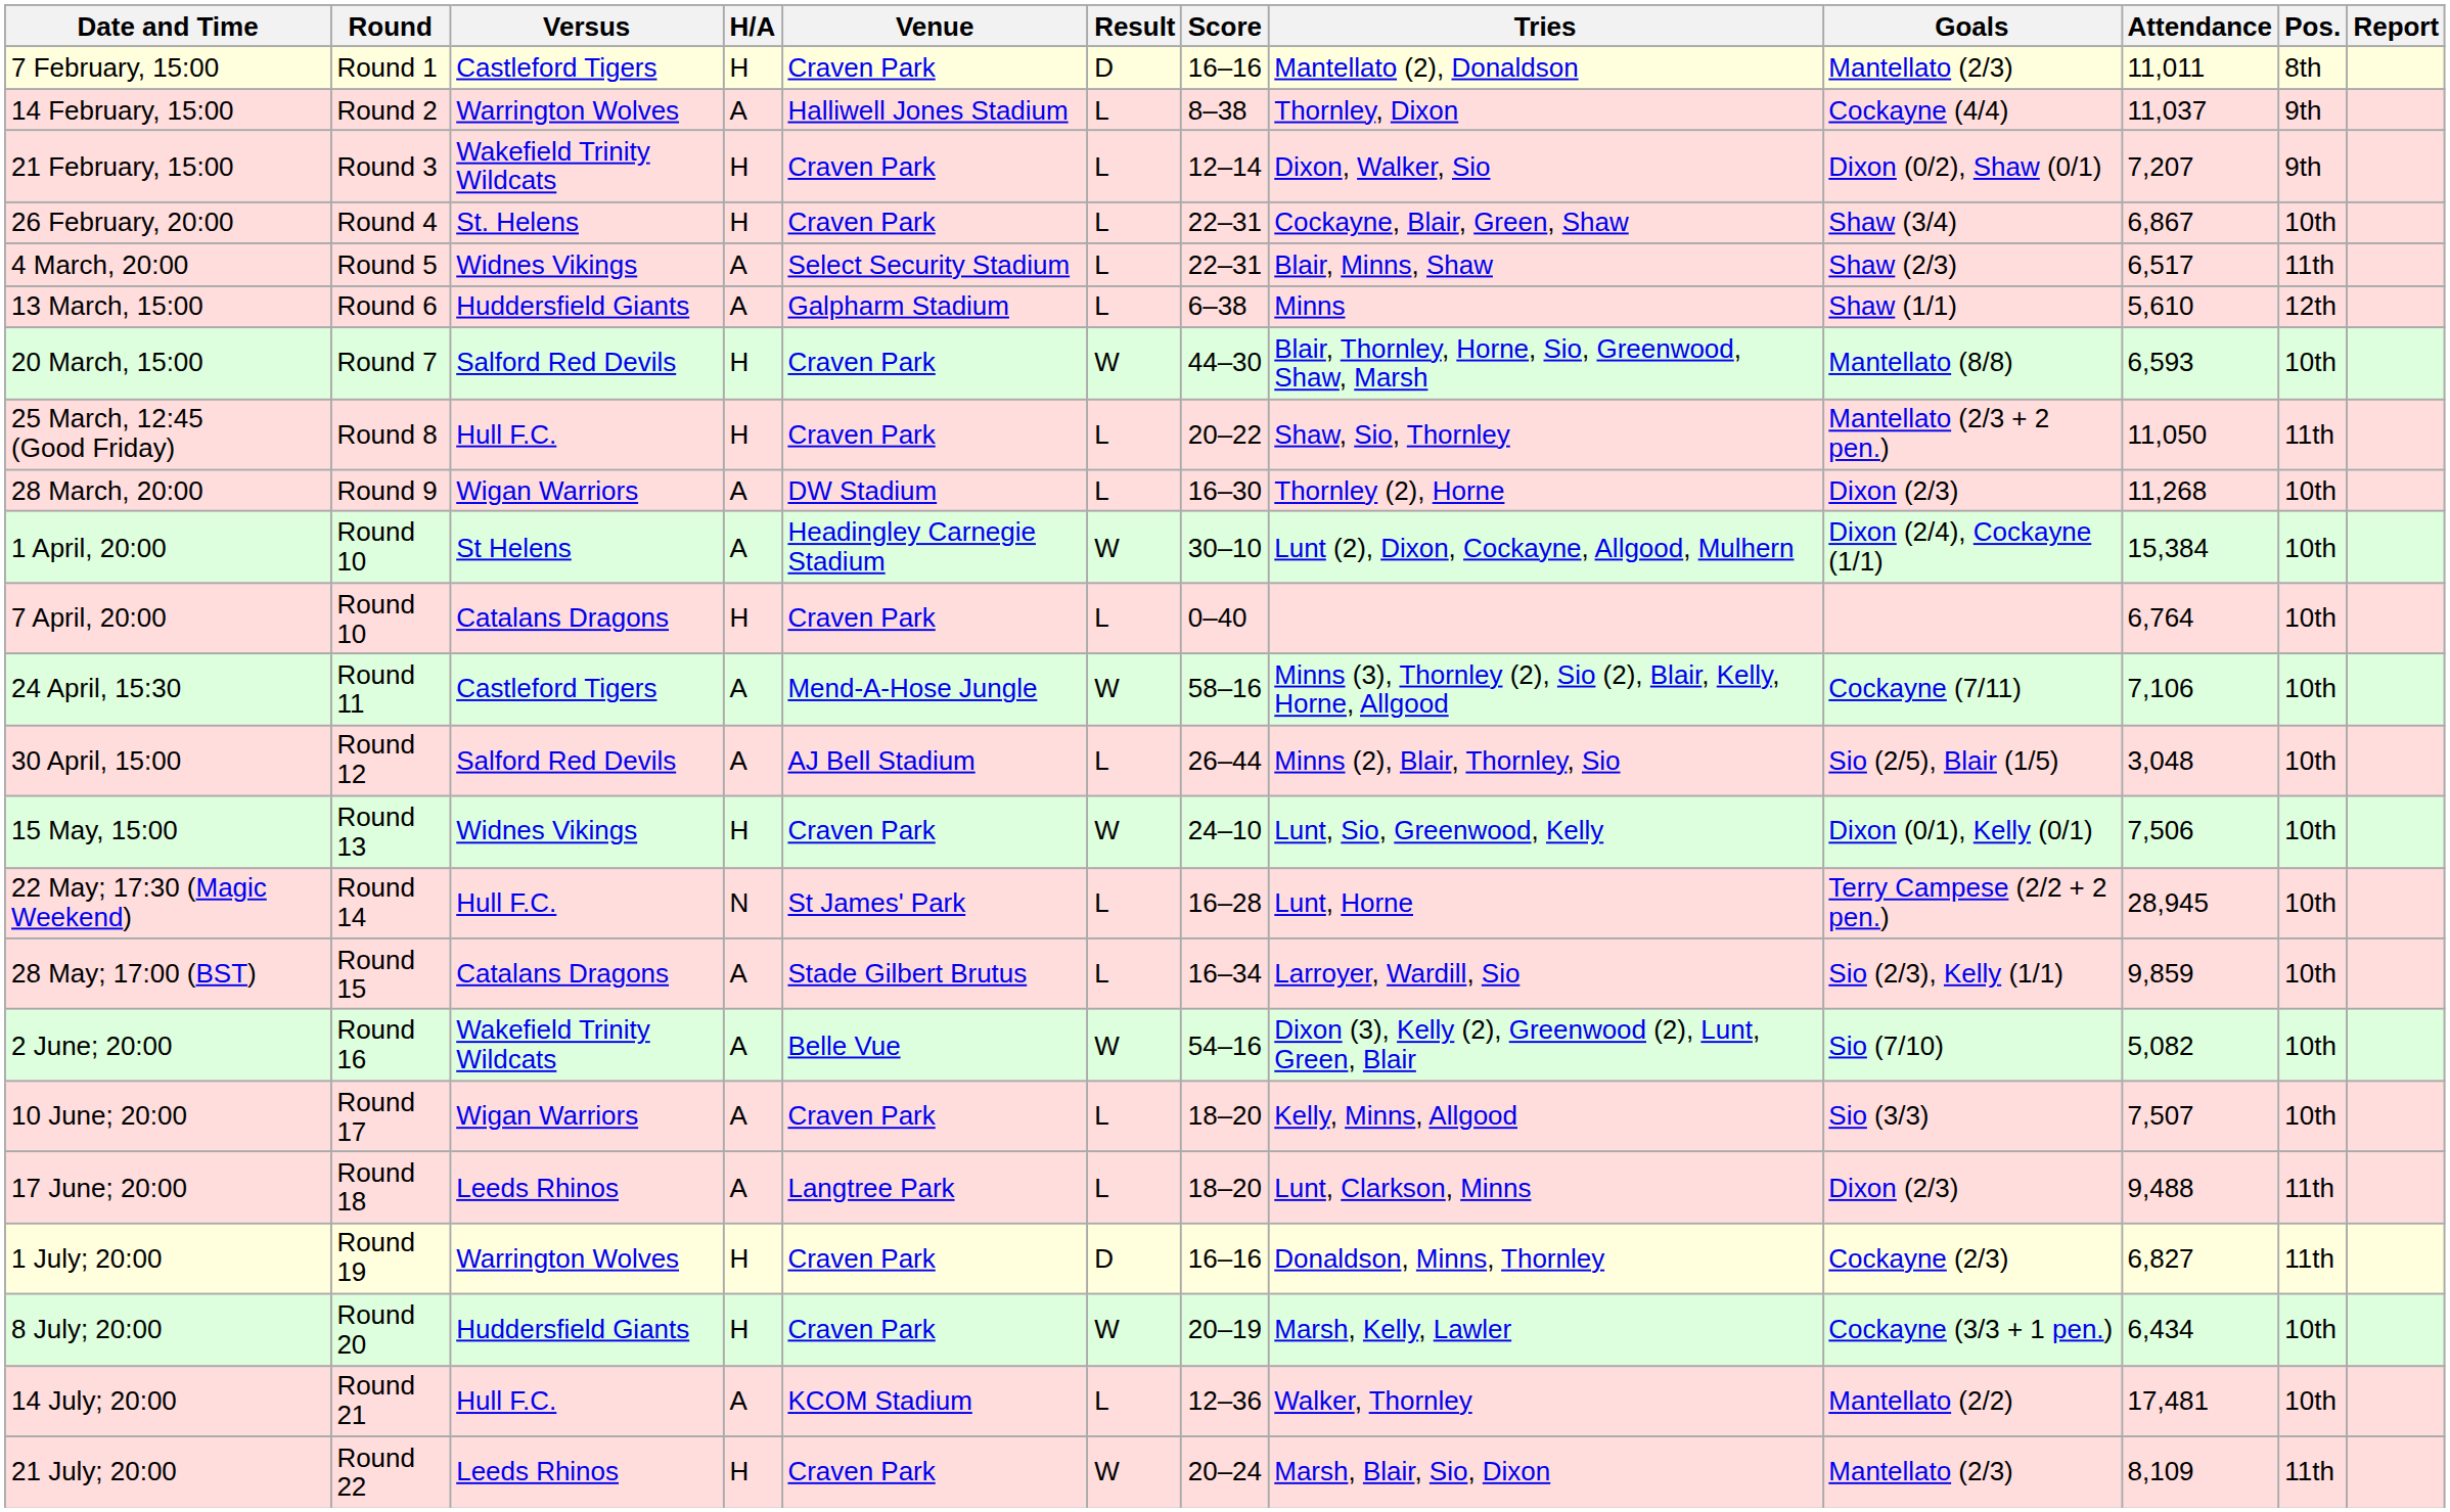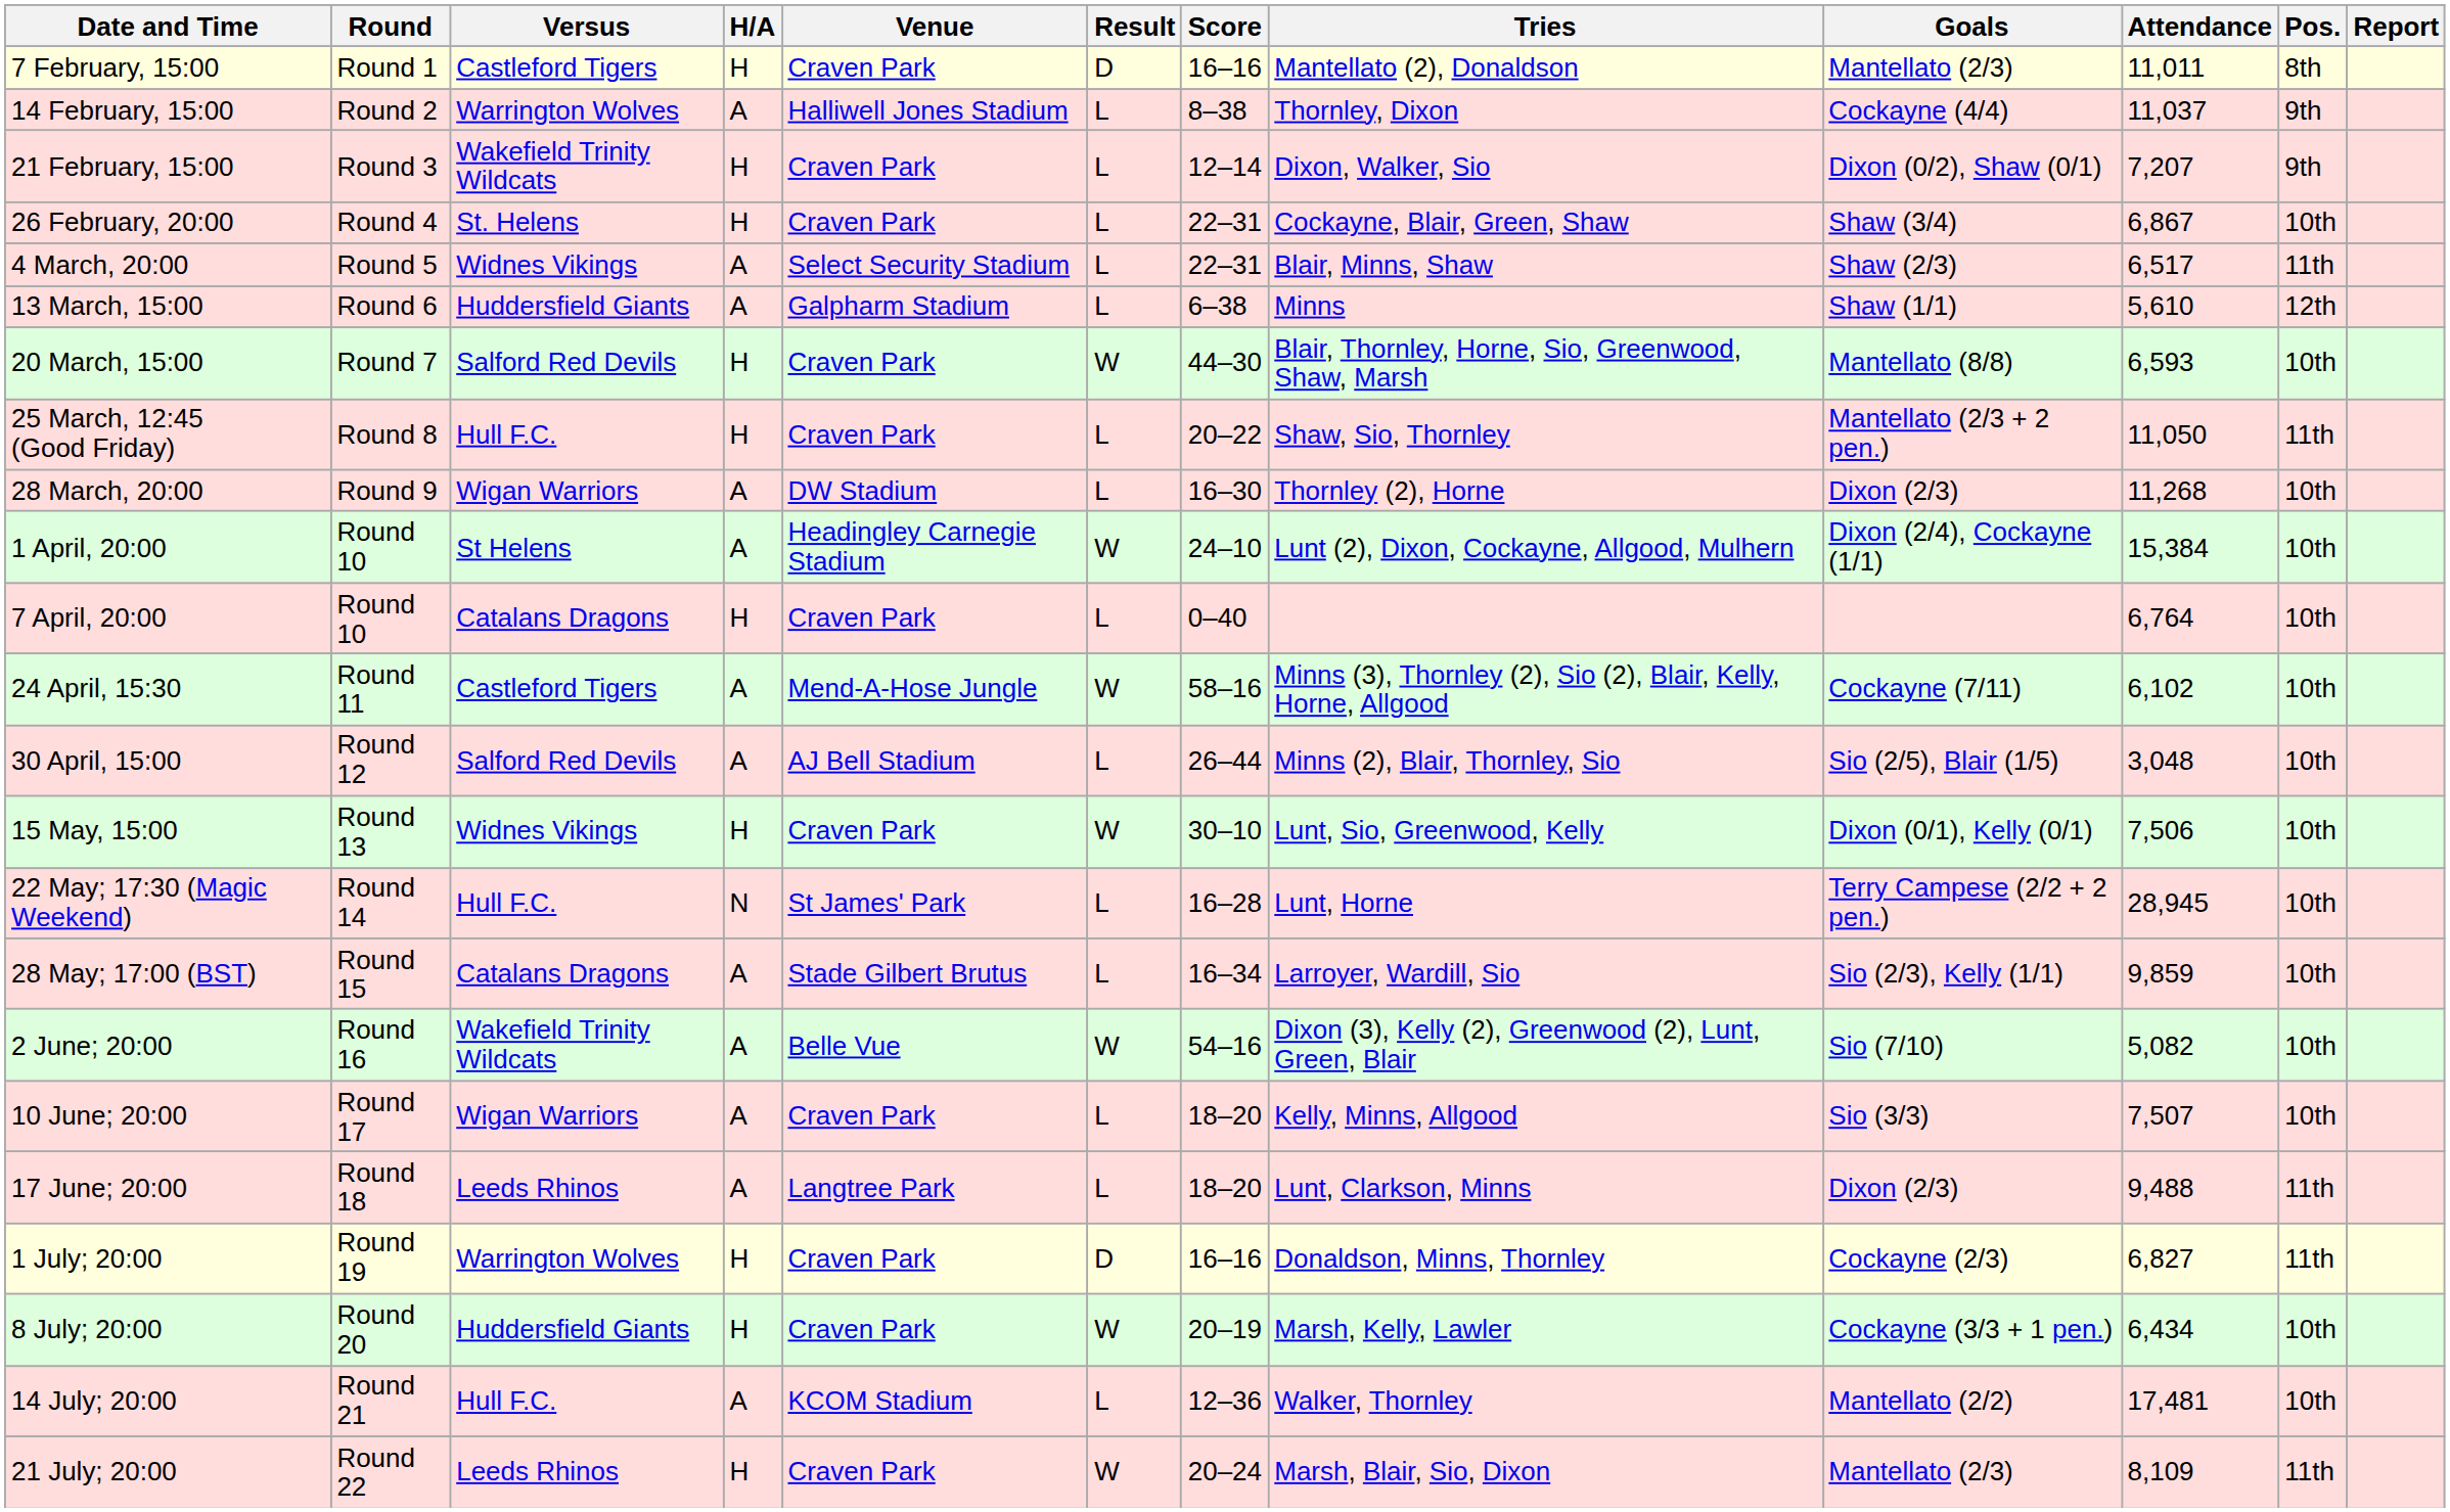 <table class="wikitable" style="font-size:85%;">
 <tr>
 <th>Date and Time</th>
 <th>Round</th>
 <th>Versus</th>
 <th>H/A</th>
 <th>Venue</th>
 <th>Result</th>
 <th>Score</th>
 <th>Tries</th>
 <th>Goals</th>
 <th>Attendance</th>
 <th>Pos.</th>
 <th>Report</th>
 </tr>
 <tr style="background:#ffffdd">
 <td>7 February, 15:00</td>
 <td>Round 1</td>
 <td> <a href='#'>Castleford Tigers</a></td>
 <td>H</td>
 <td><a href='#'>Craven Park</a></td>
 <td>D</td>
 <td>16–16</td>
 <td><a href='#'>Mantellato</a> (2), <a href='#'>Donaldson</a></td>
 <td><a href='#'>Mantellato</a> (2/3)</td>
 <td>11,011</td>
 <td>8th</td>
 <td></td>
 </tr>
 <tr style="background:#ffdddd">
 <td>14 February, 15:00</td>
 <td>Round 2</td>
 <td> <a href='#'>Warrington Wolves</a></td>
 <td>A</td>
 <td><a href='#'>Halliwell Jones Stadium</a></td>
 <td>L</td>
 <td>8–38</td>
 <td><a href='#'>Thornley</a>, <a href='#'>Dixon</a></td>
 <td><a href='#'>Cockayne</a> (4/4)</td>
 <td>11,037</td>
 <td>9th</td>
 <td></td>
 </tr>
 <tr style="background:#ffdddd">
 <td>21 February, 15:00</td>
 <td>Round 3</td>
 <td> <a href='#'>Wakefield Trinity Wildcats</a></td>
 <td>H</td>
 <td><a href='#'>Craven Park</a></td>
 <td>L</td>
 <td>12–14</td>
 <td><a href='#'>Dixon</a>, <a href='#'>Walker</a>, <a href='#'>Sio</a></td>
 <td><a href='#'>Dixon</a> (0/2), <a href='#'>Shaw</a> (0/1)</td>
 <td>7,207</td>
 <td>9th</td>
 <td></td>
 </tr>
 <tr style="background:#ffdddd">
 <td>26 February, 20:00</td>
 <td>Round 4</td>
 <td> <a href='#'>St. Helens</a></td>
 <td>H</td>
 <td><a href='#'>Craven Park</a></td>
 <td>L</td>
 <td>22–31</td>
 <td><a href='#'>Cockayne</a>, <a href='#'>Blair</a>, <a href='#'>Green</a>, <a href='#'>Shaw</a></td>
 <td><a href='#'>Shaw</a> (3/4)</td>
 <td>6,867</td>
 <td>10th</td>
 <td></td>
 </tr>
 <tr style="background:#ffdddd">
 <td>4 March, 20:00</td>
 <td>Round 5</td>
 <td> <a href='#'>Widnes Vikings</a></td>
 <td>A</td>
 <td><a href='#'>Select Security Stadium</a></td>
 <td>L</td>
 <td>22–31</td>
 <td><a href='#'>Blair</a>, <a href='#'>Minns</a>, <a href='#'>Shaw</a></td>
 <td><a href='#'>Shaw</a> (2/3)</td>
 <td>6,517</td>
 <td>11th</td>
 <td></td>
 </tr>
 <tr style="background:#ffdddd">
 <td>13 March, 15:00</td>
 <td>Round 6</td>
 <td> <a href='#'>Huddersfield Giants</a></td>
 <td>A</td>
 <td><a href='#'>Galpharm Stadium</a></td>
 <td>L</td>
 <td>6–38</td>
 <td><a href='#'>Minns</a></td>
 <td><a href='#'>Shaw</a> (1/1)</td>
 <td>5,610</td>
 <td>12th</td>
 <td></td>
 </tr>
 <tr style="background:#ddffdd">
 <td>20 March, 15:00</td>
 <td>Round 7</td>
 <td> <a href='#'>Salford Red Devils</a></td>
 <td>H</td>
 <td><a href='#'>Craven Park</a></td>
 <td>W</td>
 <td>44–30</td>
 <td><a href='#'>Blair</a>, <a href='#'>Thornley</a>, <a href='#'>Horne</a>, <a href='#'>Sio</a>, <a href='#'>Greenwood</a>, <a href='#'>Shaw</a>, <a href='#'>Marsh</a></td>
 <td><a href='#'>Mantellato</a> (8/8)</td>
 <td>6,593</td>
 <td>10th</td>
 <td></td>
 </tr>
 <tr style="background:#ffdddd">
 <td>25 March, 12:45<br>(Good Friday)</td>
 <td>Round 8</td>
 <td> <a href='#'>Hull F.C.</a></td>
 <td>H</td>
 <td><a href='#'>Craven Park</a></td>
 <td>L</td>
 <td>20–22</td>
 <td><a href='#'>Shaw</a>, <a href='#'>Sio</a>, <a href='#'>Thornley</a></td>
 <td><a href='#'>Mantellato</a> (2/3 + 2 <a href='#'>pen.</a>)</td>
 <td>11,050</td>
 <td>11th</td>
 <td></td>
 </tr>
 <tr style="background:#ffdddd">
 <td>28 March, 20:00</td>
 <td>Round 9</td>
 <td> <a href='#'>Wigan Warriors</a></td>
 <td>A</td>
 <td><a href='#'>DW Stadium</a></td>
 <td>L</td>
 <td>16–30</td>
 <td><a href='#'>Thornley</a> (2), <a href='#'>Horne</a></td>
 <td><a href='#'>Dixon</a> (2/3)</td>
 <td>11,268</td>
 <td>10th</td>
 <td></td>
 </tr>
 <tr style="background:#ddffdd">
 <td>1 April, 20:00</td>
 <td>Round 10</td>
 <td> <a href='#'>St Helens</a></td>
 <td>A</td>
 <td><a href='#'>Headingley Carnegie Stadium</a></td>
 <td>W</td>
-<td>30–10</td>
+<td>24–10</td>
 <td><a href='#'>Lunt</a> (2), <a href='#'>Dixon</a>, <a href='#'>Cockayne</a>, <a href='#'>Allgood</a>, <a href='#'>Mulhern</a></td>
 <td><a href='#'>Dixon</a> (2/4), <a href='#'>Cockayne</a> (1/1)</td>
 <td>15,384</td>
 <td>10th</td>
 <td></td>
 </tr>
 <tr style="background:#ffdddd">
 <td>7 April, 20:00</td>
 <td>Round 10</td>
 <td> <a href='#'>Catalans Dragons</a></td>
 <td>H</td>
 <td><a href='#'>Craven Park</a></td>
 <td>L</td>
 <td>0–40</td>
 <td></td>
 <td></td>
 <td>6,764</td>
 <td>10th</td>
 <td></td>
 </tr>
 <tr style="background:#ddffdd">
 <td>24 April, 15:30</td>
 <td>Round 11</td>
 <td> <a href='#'>Castleford Tigers</a></td>
 <td>A</td>
 <td><a href='#'>Mend-A-Hose Jungle</a></td>
 <td>W</td>
 <td>58–16</td>
 <td><a href='#'>Minns</a> (3), <a href='#'>Thornley</a> (2), <a href='#'>Sio</a> (2), <a href='#'>Blair</a>, <a href='#'>Kelly</a>, <a href='#'>Horne</a>, <a href='#'>Allgood</a></td>
 <td><a href='#'>Cockayne</a> (7/11)</td>
-<td>7,106</td>
+<td>6,102</td>
 <td>10th</td>
 <td></td>
 </tr>
 <tr style="background:#ffdddd">
 <td>30 April, 15:00</td>
 <td>Round 12</td>
 <td> <a href='#'>Salford Red Devils</a></td>
 <td>A</td>
 <td><a href='#'>AJ Bell Stadium</a></td>
 <td>L</td>
 <td>26–44</td>
 <td><a href='#'>Minns</a> (2), <a href='#'>Blair</a>, <a href='#'>Thornley</a>, <a href='#'>Sio</a></td>
 <td><a href='#'>Sio</a> (2/5), <a href='#'>Blair</a> (1/5)</td>
 <td>3,048</td>
 <td>10th</td>
 <td></td>
 </tr>
 <tr style="background:#ddffdd">
 <td>15 May, 15:00</td>
 <td>Round 13</td>
 <td> <a href='#'>Widnes Vikings</a></td>
 <td>H</td>
 <td><a href='#'>Craven Park</a></td>
 <td>W</td>
-<td>24–10</td>
+<td>30–10</td>
 <td><a href='#'>Lunt</a>, <a href='#'>Sio</a>, <a href='#'>Greenwood</a>, <a href='#'>Kelly</a></td>
 <td><a href='#'>Dixon</a> (0/1), <a href='#'>Kelly</a> (0/1)</td>
 <td>7,506</td>
 <td>10th</td>
 <td></td>
 </tr>
 <tr style="background:#ffdddd">
 <td>22 May; 17:30 (<a href='#'>Magic Weekend</a>)</td>
 <td>Round 14</td>
 <td> <a href='#'>Hull F.C.</a></td>
 <td>N</td>
 <td><a href='#'>St James' Park</a></td>
 <td>L</td>
 <td>16–28</td>
 <td><a href='#'>Lunt</a>, <a href='#'>Horne</a></td>
 <td><a href='#'>Terry Campese</a> (2/2 + 2 <a href='#'>pen.</a>)</td>
 <td>28,945</td>
 <td>10th</td>
 <td></td>
 </tr>
 <tr style="background:#ffdddd">
 <td>28 May; 17:00 (<a href='#'>BST</a>)</td>
 <td>Round 15</td>
 <td> <a href='#'>Catalans Dragons</a></td>
 <td>A</td>
 <td><a href='#'>Stade Gilbert Brutus</a></td>
 <td>L</td>
 <td>16–34</td>
 <td><a href='#'>Larroyer</a>, <a href='#'>Wardill</a>, <a href='#'>Sio</a></td>
 <td><a href='#'>Sio</a> (2/3), <a href='#'>Kelly</a> (1/1)</td>
 <td>9,859</td>
 <td>10th</td>
 <td></td>
 </tr>
 <tr style="background:#ddffdd">
 <td>2 June; 20:00</td>
 <td>Round 16</td>
 <td> <a href='#'>Wakefield Trinity Wildcats</a></td>
 <td>A</td>
 <td><a href='#'>Belle Vue</a></td>
 <td>W</td>
 <td>54–16</td>
 <td><a href='#'>Dixon</a> (3), <a href='#'>Kelly</a> (2), <a href='#'>Greenwood</a> (2), <a href='#'>Lunt</a>, <a href='#'>Green</a>, <a href='#'>Blair</a></td>
 <td><a href='#'>Sio</a> (7/10)</td>
 <td>5,082</td>
 <td>10th</td>
 <td></td>
 </tr>
 <tr style="background:#ffdddd">
 <td>10 June; 20:00</td>
 <td>Round 17</td>
 <td> <a href='#'>Wigan Warriors</a></td>
 <td>A</td>
 <td><a href='#'>Craven Park</a></td>
 <td>L</td>
 <td>18–20</td>
 <td><a href='#'>Kelly</a>, <a href='#'>Minns</a>, <a href='#'>Allgood</a></td>
 <td><a href='#'>Sio</a> (3/3)</td>
 <td>7,507</td>
 <td>10th</td>
 <td></td>
 </tr>
 <tr style="background:#ffdddd">
 <td>17 June; 20:00</td>
 <td>Round 18</td>
 <td> <a href='#'>Leeds Rhinos</a></td>
 <td>A</td>
 <td><a href='#'>Langtree Park</a></td>
 <td>L</td>
 <td>18–20</td>
 <td><a href='#'>Lunt</a>, <a href='#'>Clarkson</a>, <a href='#'>Minns</a></td>
 <td><a href='#'>Dixon</a> (2/3)</td>
 <td>9,488</td>
 <td>11th</td>
 <td></td>
 </tr>
 <tr style="background:#ffffdd">
 <td>1 July; 20:00</td>
 <td>Round 19</td>
 <td> <a href='#'>Warrington Wolves</a></td>
 <td>H</td>
 <td><a href='#'>Craven Park</a></td>
 <td>D</td>
 <td>16–16</td>
 <td><a href='#'>Donaldson</a>, <a href='#'>Minns</a>, <a href='#'>Thornley</a></td>
 <td><a href='#'>Cockayne</a> (2/3)</td>
 <td>6,827</td>
 <td>11th</td>
 <td></td>
 </tr>
 <tr style="background:#ddffdd">
 <td>8 July; 20:00</td>
 <td>Round 20</td>
 <td> <a href='#'>Huddersfield Giants</a></td>
 <td>H</td>
 <td><a href='#'>Craven Park</a></td>
 <td>W</td>
 <td>20–19</td>
 <td><a href='#'>Marsh</a>, <a href='#'>Kelly</a>, <a href='#'>Lawler</a></td>
 <td><a href='#'>Cockayne</a> (3/3 + 1 <a href='#'>pen.</a>)</td>
 <td>6,434</td>
 <td>10th</td>
 <td></td>
 </tr>
 <tr style="background:#ffdddd">
 <td>14 July; 20:00</td>
 <td>Round 21</td>
 <td> <a href='#'>Hull F.C.</a></td>
 <td>A</td>
 <td><a href='#'>KCOM Stadium</a></td>
 <td>L</td>
 <td>12–36</td>
 <td><a href='#'>Walker</a>, <a href='#'>Thornley</a></td>
 <td><a href='#'>Mantellato</a> (2/2)</td>
 <td>17,481</td>
 <td>10th</td>
 <td></td>
 </tr>
 <tr style="background:#ffdddd">
 <td>21 July; 20:00</td>
 <td>Round 22</td>
 <td> <a href='#'>Leeds Rhinos</a></td>
 <td>H</td>
 <td><a href='#'>Craven Park</a></td>
 <td>W</td>
 <td>20–24</td>
 <td><a href='#'>Marsh</a>, <a href='#'>Blair</a>, <a href='#'>Sio</a>, <a href='#'>Dixon</a></td>
 <td><a href='#'>Mantellato</a> (2/3)</td>
 <td>8,109</td>
 <td>11th</td>
 <td></td>
 </tr>
 </table>
